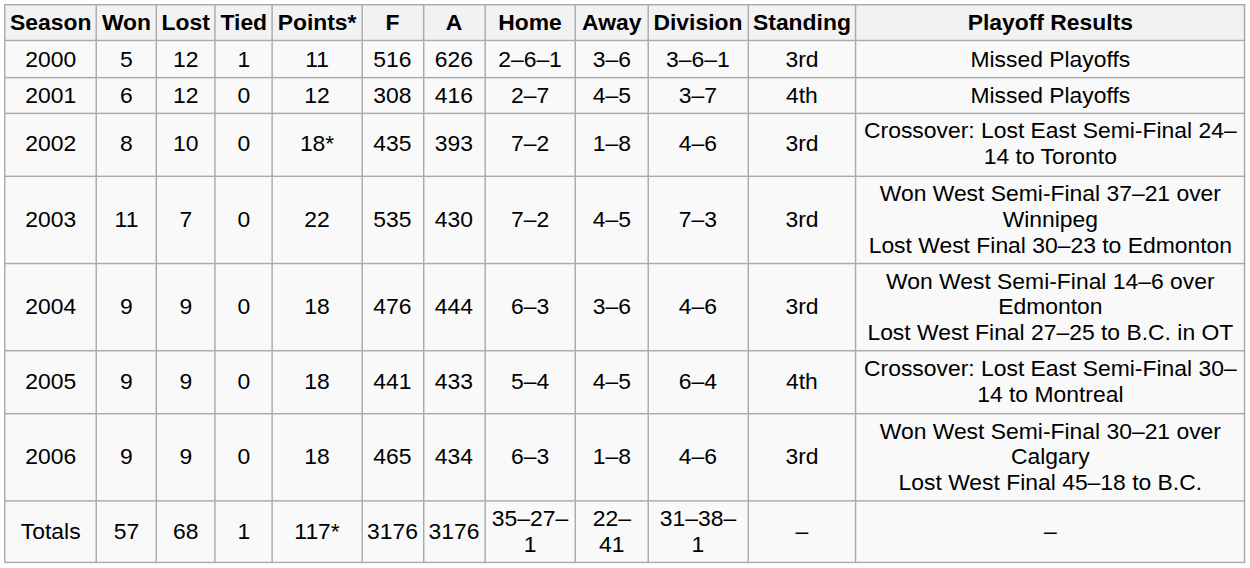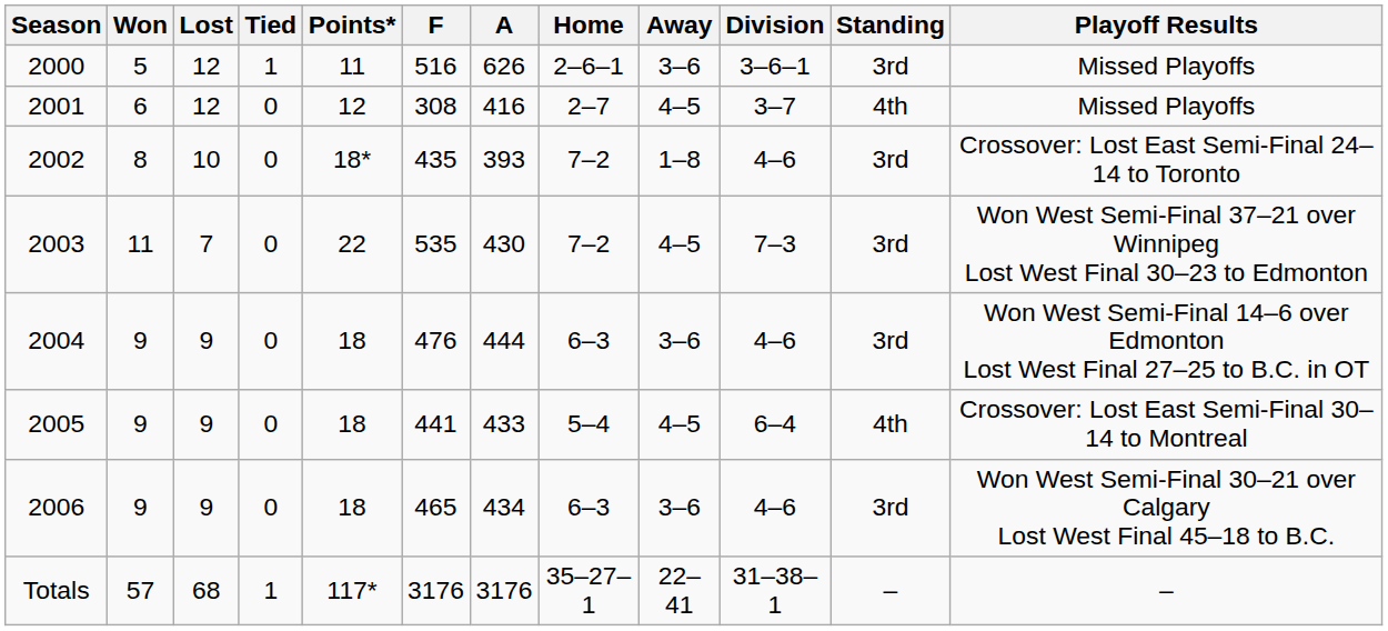 <table class="wikitable" style="text-align: center;">
 <tr>
 <th>Season</th>
 <th>Won</th>
 <th>Lost</th>
 <th>Tied</th>
 <th>Points*</th>
 <th>F</th>
 <th>A</th>
 <th>Home</th>
 <th>Away</th>
 <th>Division</th>
 <th>Standing</th>
 <th>Playoff Results</th>
 </tr>
 <tr>
 <td>2000</td>
 <td>5</td>
 <td>12</td>
 <td>1</td>
 <td>11</td>
 <td>516</td>
 <td>626</td>
 <td>2–6–1</td>
 <td>3–6</td>
 <td>3–6–1</td>
 <td>3rd</td>
 <td>Missed Playoffs</td>
 </tr>
 <tr>
 <td>2001</td>
 <td>6</td>
 <td>12</td>
 <td>0</td>
 <td>12</td>
 <td>308</td>
 <td>416</td>
 <td>2–7</td>
 <td>4–5</td>
 <td>3–7</td>
 <td>4th</td>
 <td>Missed Playoffs</td>
 </tr>
 <tr>
 <td>2002</td>
 <td>8</td>
 <td>10</td>
 <td>0</td>
 <td>18*</td>
 <td>435</td>
 <td>393</td>
 <td>7–2</td>
 <td>1–8</td>
 <td>4–6</td>
 <td>3rd</td>
 <td>Crossover: Lost East Semi-Final 24–14 to Toronto</td>
 </tr>
 <tr>
 <td>2003</td>
 <td>11</td>
 <td>7</td>
 <td>0</td>
 <td>22</td>
 <td>535</td>
 <td>430</td>
 <td>7–2</td>
 <td>4–5</td>
 <td>7–3</td>
 <td>3rd</td>
 <td>Won West Semi-Final 37–21 over Winnipeg<br>Lost West Final 30–23 to Edmonton</td>
 </tr>
 <tr>
 <td>2004</td>
 <td>9</td>
 <td>9</td>
 <td>0</td>
 <td>18</td>
 <td>476</td>
 <td>444</td>
 <td>6–3</td>
 <td>3–6</td>
 <td>4–6</td>
 <td>3rd</td>
 <td>Won West Semi-Final 14–6 over Edmonton<br>Lost West Final 27–25 to B.C. in OT</td>
 </tr>
 <tr>
 <td>2005</td>
 <td>9</td>
 <td>9</td>
 <td>0</td>
 <td>18</td>
 <td>441</td>
 <td>433</td>
 <td>5–4</td>
 <td>4–5</td>
 <td>6–4</td>
 <td>4th</td>
 <td>Crossover: Lost East Semi-Final 30–14 to Montreal</td>
 </tr>
 <tr>
 <td>2006</td>
 <td>9</td>
 <td>9</td>
 <td>0</td>
 <td>18</td>
 <td>465</td>
 <td>434</td>
 <td>6–3</td>
-<td>1–8</td>
+<td>3–6</td>
 <td>4–6</td>
 <td>3rd</td>
 <td>Won West Semi-Final 30–21 over Calgary<br>Lost West Final 45–18 to B.C.</td>
 </tr>
 <tr>
 <td>Totals</td>
 <td>57</td>
 <td>68</td>
 <td>1</td>
 <td>117*</td>
 <td>3176</td>
 <td>3176</td>
 <td>35–27–1</td>
 <td>22–41</td>
 <td>31–38–1</td>
 <td>–</td>
 <td>–</td>
 </tr>
 </table>
